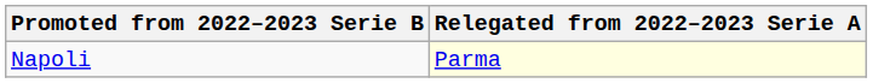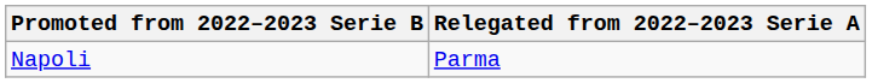 <table class="wikitable">
 <tr>
 <th>Promoted from 2022–2023 Serie B</th>
 <th>Relegated from 2022–2023 Serie A</th>
 </tr>
 <tr>
 <td><a href='#'>Napoli</a></td>
-<td style="background: lightyellow;"><a href='#'>Parma</a></td>
+<td><a href='#'>Parma</a></td>
 </tr>
 </table>
